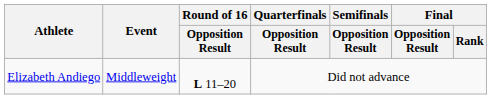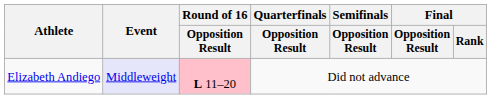 <table class="wikitable" style="font-size:90%">
 <tr>
 <th rowspan=2>Athlete</th>
 <th rowspan=2>Event</th>
 <th>Round of 16</th>
 <th>Quarterfinals</th>
 <th>Semifinals</th>
 <th colspan=2>Final</th>
 </tr>
 <tr style="font-size:95%">
 <th>Opposition<br>Result</th>
 <th>Opposition<br>Result</th>
 <th>Opposition<br>Result</th>
 <th>Opposition<br>Result</th>
 <th>Rank</th>
 </tr>
 <tr align=center>
 <td align=left><a href='#'>Elizabeth Andiego</a></td>
-<td align=left><a href='#'>Middleweight</a></td>
-<td><br><strong>L</strong> 11–20</td>
+<td align=left style="background: lavender;"><a href='#'>Middleweight</a></td>
+<td style="background: pink;"><br><strong>L</strong> 11–20</td>
 <td colspan=4>Did not advance</td>
 </tr>
 </table>
